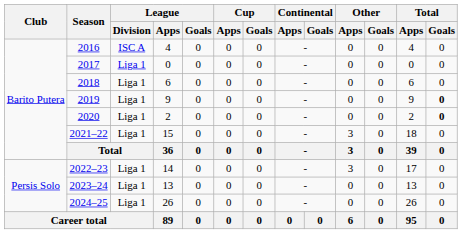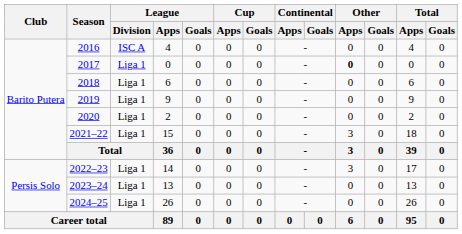 <table class="wikitable" style="text-align:center">
 <tr>
 <th rowspan="2">Club</th>
 <th rowspan="2">Season</th>
 <th colspan="3">League</th>
 <th colspan="2">Cup</th>
 <th colspan="2">Continental</th>
 <th colspan="2">Other</th>
 <th colspan="2">Total</th>
 </tr>
 <tr>
 <th>Division</th>
 <th>Apps</th>
 <th>Goals</th>
 <th>Apps</th>
 <th>Goals</th>
 <th>Apps</th>
 <th>Goals</th>
 <th>Apps</th>
 <th>Goals</th>
 <th>Apps</th>
 <th>Goals</th>
 </tr>
 <tr>
 <td rowspan="7" valign="center"><a href='#'>Barito Putera</a></td>
 <td><a href='#'>2016</a></td>
 <td><a href='#'>ISC A</a></td>
 <td>4</td>
 <td>0</td>
 <td>0</td>
 <td>0</td>
 <td colspan="2">-</td>
 <td>0</td>
 <td>0</td>
 <td>4</td>
 <td>0</td>
 </tr>
 <tr>
 <td><a href='#'>2017</a></td>
 <td rowspan="1" valign="center"><a href='#'>Liga 1</a></td>
 <td>0</td>
 <td>0</td>
 <td>0</td>
 <td>0</td>
 <td colspan="2">-</td>
-<td>0</td>
+<td><strong>0</strong></td>
 <td>0</td>
 <td>0</td>
 <td>0</td>
 </tr>
 <tr>
 <td><a href='#'>2018</a></td>
 <td rowspan="1" valign="center">Liga 1</td>
 <td>6</td>
 <td>0</td>
 <td>0</td>
 <td>0</td>
 <td colspan="2">-</td>
 <td>0</td>
 <td>0</td>
 <td>6</td>
 <td>0</td>
 </tr>
 <tr>
 <td><a href='#'>2019</a></td>
 <td rowspan="1" valign="center">Liga 1</td>
 <td>9</td>
 <td>0</td>
 <td>0</td>
 <td>0</td>
 <td colspan="2">-</td>
 <td>0</td>
 <td>0</td>
 <td>9</td>
-<td><strong>0</strong></td>
+<td>0</td>
 </tr>
 <tr>
 <td><a href='#'>2020</a></td>
 <td rowspan="1" valign="center">Liga 1</td>
 <td>2</td>
 <td>0</td>
 <td>0</td>
 <td>0</td>
 <td colspan="2">-</td>
 <td>0</td>
 <td>0</td>
 <td>2</td>
-<td><strong>0</strong></td>
+<td>0</td>
 </tr>
 <tr>
 <td><a href='#'>2021–22</a></td>
 <td rowspan="1" valign="center">Liga 1</td>
 <td>15</td>
 <td>0</td>
 <td>0</td>
 <td>0</td>
 <td colspan="2">-</td>
 <td>3</td>
 <td>0</td>
 <td>18</td>
 <td>0</td>
 </tr>
 <tr>
 <th colspan="2">Total</th>
 <th>36</th>
 <th>0</th>
 <th>0</th>
 <th>0</th>
 <th colspan="2">-</th>
 <th>3</th>
 <th>0</th>
 <th>39</th>
 <th>0</th>
 </tr>
 <tr>
 <td rowspan="3"><a href='#'>Persis Solo</a></td>
 <td><a href='#'>2022–23</a></td>
 <td rowspan="1">Liga 1</td>
 <td>14</td>
 <td>0</td>
 <td>0</td>
 <td>0</td>
 <td colspan="2">-</td>
 <td>3</td>
 <td>0</td>
 <td>17</td>
 <td>0</td>
 </tr>
 <tr>
 <td><a href='#'>2023–24</a></td>
 <td>Liga 1</td>
 <td>13</td>
 <td>0</td>
 <td>0</td>
 <td>0</td>
 <td colspan="2">-</td>
 <td>0</td>
 <td>0</td>
 <td>13</td>
 <td>0</td>
 </tr>
 <tr>
 <td><a href='#'>2024–25</a></td>
 <td>Liga 1</td>
 <td>26</td>
 <td>0</td>
 <td>0</td>
 <td>0</td>
 <td colspan="2">-</td>
 <td>0</td>
 <td>0</td>
 <td>26</td>
 <td>0</td>
 </tr>
 <tr>
 <th colspan="3">Career total</th>
 <th>89</th>
 <th>0</th>
 <th>0</th>
 <th>0</th>
 <th>0</th>
 <th>0</th>
 <th>6</th>
 <th>0</th>
 <th>95</th>
 <th>0</th>
 </tr>
 </table>
